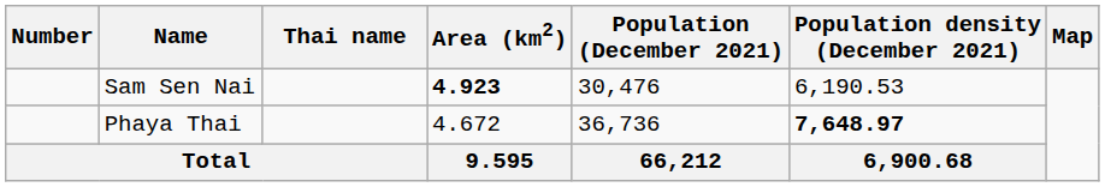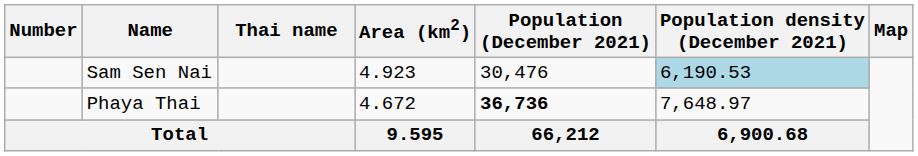 <table class="wikitable">
 <tr>
 <th>Number</th>
 <th width="15%">Name</th>
 <th width="15%">Thai name</th>
 <th>Area (km<sup>2</sup>)</th>
 <th>Population<br>(December 2021)</th>
 <th>Population density<br>(December 2021)</th>
 <th>Map</th>
 </tr>
 <tr>
 <td></td>
 <td>Sam Sen Nai</td>
 <td></td>
-<td><strong><div>4.923</div></strong></td>
+<td><div>4.923</div></td>
 <td><div>30,476</div></td>
-<td><div>6,190.53</div></td>
+<td style="background: lightblue;"><div>6,190.53</div></td>
 <td rowspan="3"></td>
 </tr>
 <tr>
 <td></td>
 <td>Phaya Thai</td>
 <td></td>
 <td><div>4.672</div></td>
-<td><div>36,736</div></td>
-<td><strong><div>7,648.97</div></strong></td>
+<td><strong><div>36,736</div></strong></td>
+<td><div>7,648.97</div></td>
 </tr>
 <tr>
 <th colspan="3">Total</th>
 <th><div>9.595</div></th>
 <th><div>66,212</div></th>
 <th><div>6,900.68</div></th>
 </tr>
 </table>
